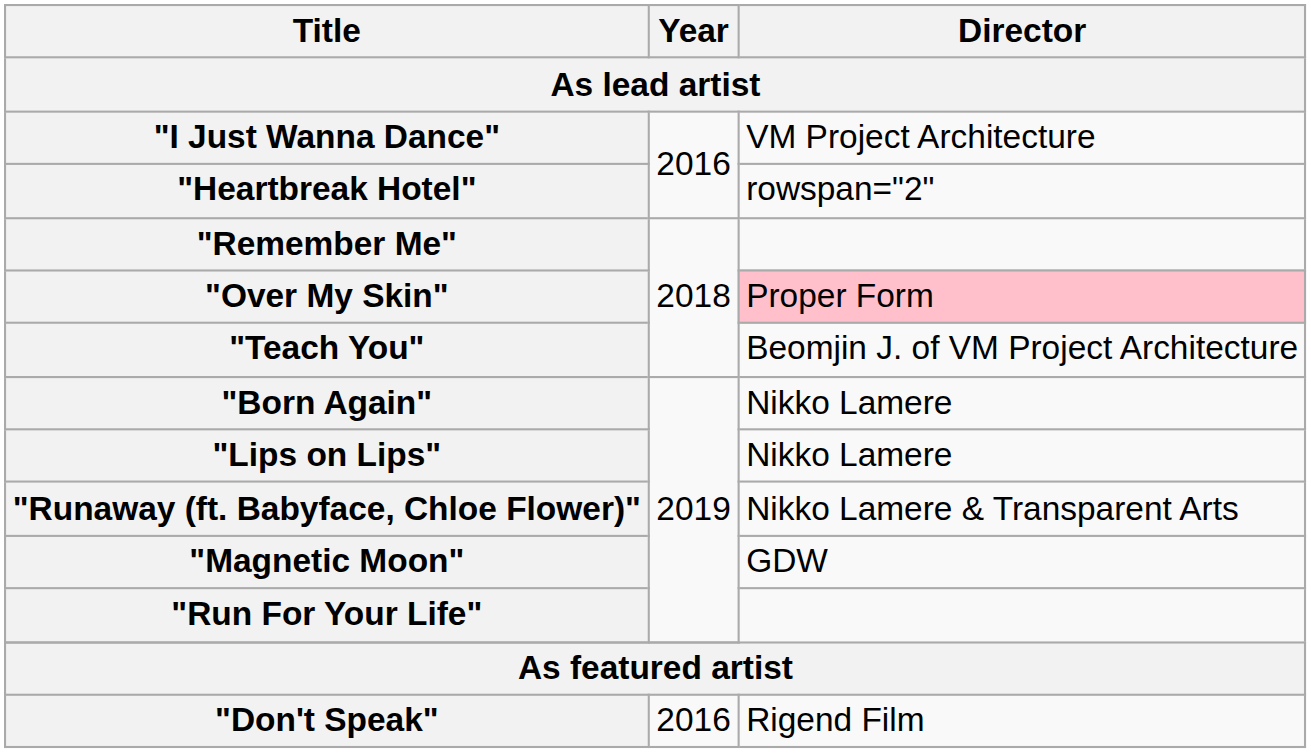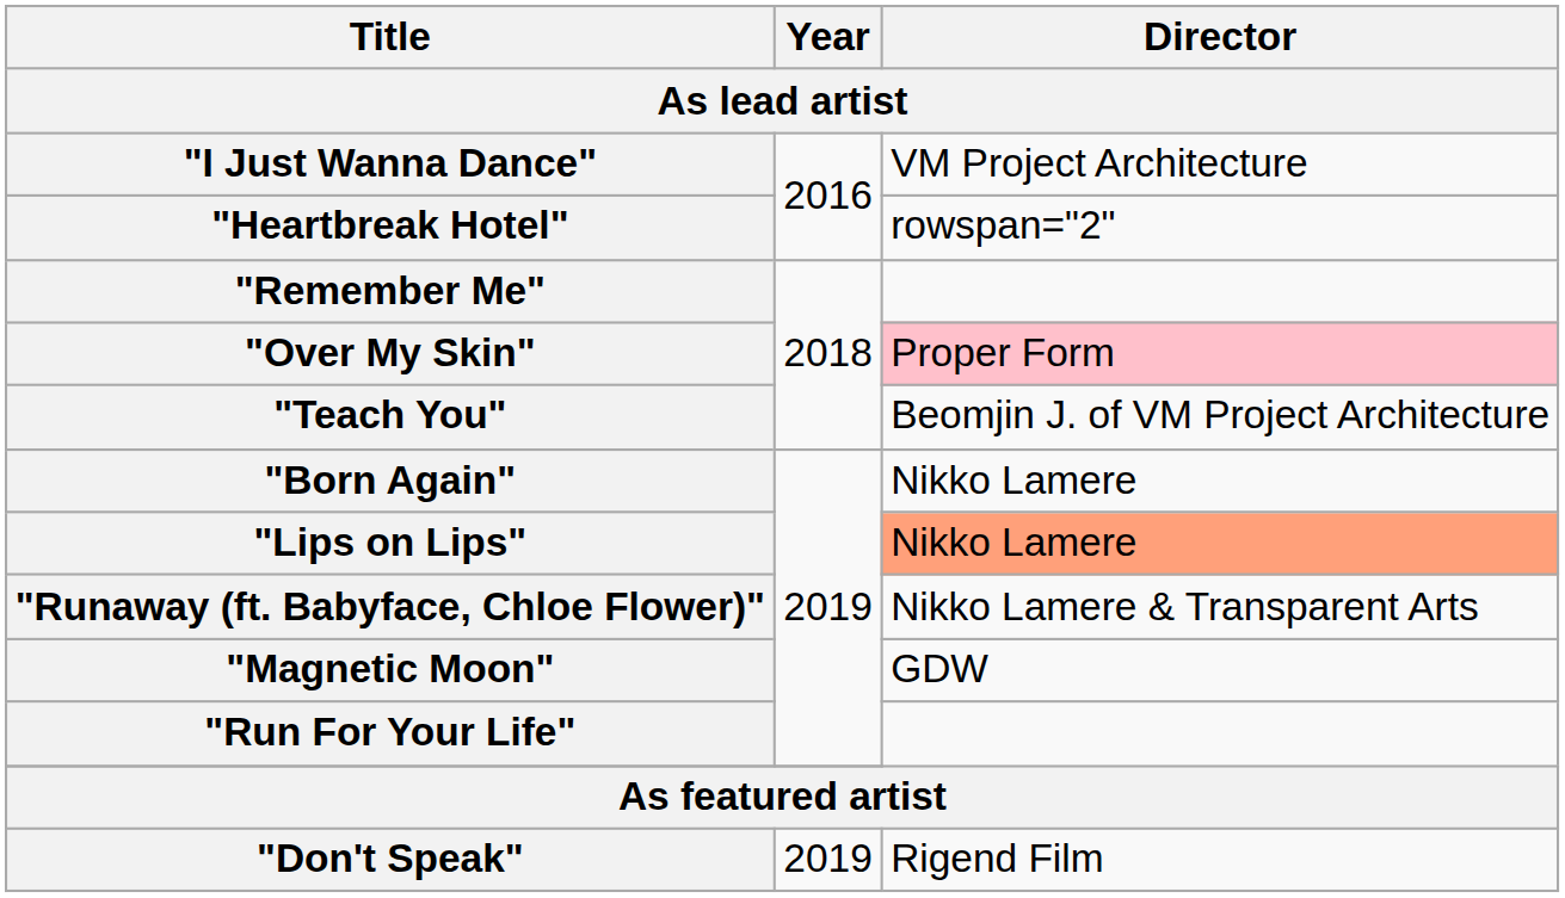 <table class="wikitable plainrowheaders">
 <tr>
 <th>Title</th>
 <th>Year</th>
 <th>Director</th>
 </tr>
 <tr>
 <th colspan=3>As lead artist</th>
 </tr>
 <tr>
 <th scope=row>"I Just Wanna Dance"</th>
 <td rowspan="2">2016</td>
 <td>VM Project Architecture</td>
 </tr>
 <tr>
 <th scope=row>"Heartbreak Hotel"<br></th>
 <td>rowspan="2" </td>
 </tr>
 <tr>
 <th scope=row>"Remember Me"</th>
 <td rowspan="3">2018</td>
 </tr>
 <tr>
 <th scope=row>"Over My Skin"</th>
 <td style="background: pink;">Proper Form</td>
 </tr>
 <tr>
 <th scope=row>"Teach You"</th>
 <td>Beomjin J. of VM Project Architecture</td>
 </tr>
 <tr>
 <th scope=row>"Born Again"</th>
 <td rowspan="5">2019</td>
 <td>Nikko Lamere</td>
 </tr>
 <tr>
 <th scope=row>"Lips on Lips"</th>
-<td>Nikko Lamere</td>
+<td style="background: lightsalmon;">Nikko Lamere</td>
 </tr>
 <tr>
 <th scope=row>"Runaway (ft. Babyface, Chloe Flower)"</th>
 <td>Nikko Lamere & Transparent Arts</td>
 </tr>
 <tr>
 <th scope=row>"Magnetic Moon"</th>
 <td>GDW</td>
 </tr>
 <tr>
 <th scope=row>"Run For Your Life"</th>
 </tr>
 <tr>
 </tr>
 <tr>
 <th colspan=3>As featured artist</th>
 </tr>
 <tr>
 <th scope=row>"Don't Speak"<br></th>
-<td>2016</td>
+<td>2019</td>
 <td>Rigend Film</td>
 </tr>
 </table>
